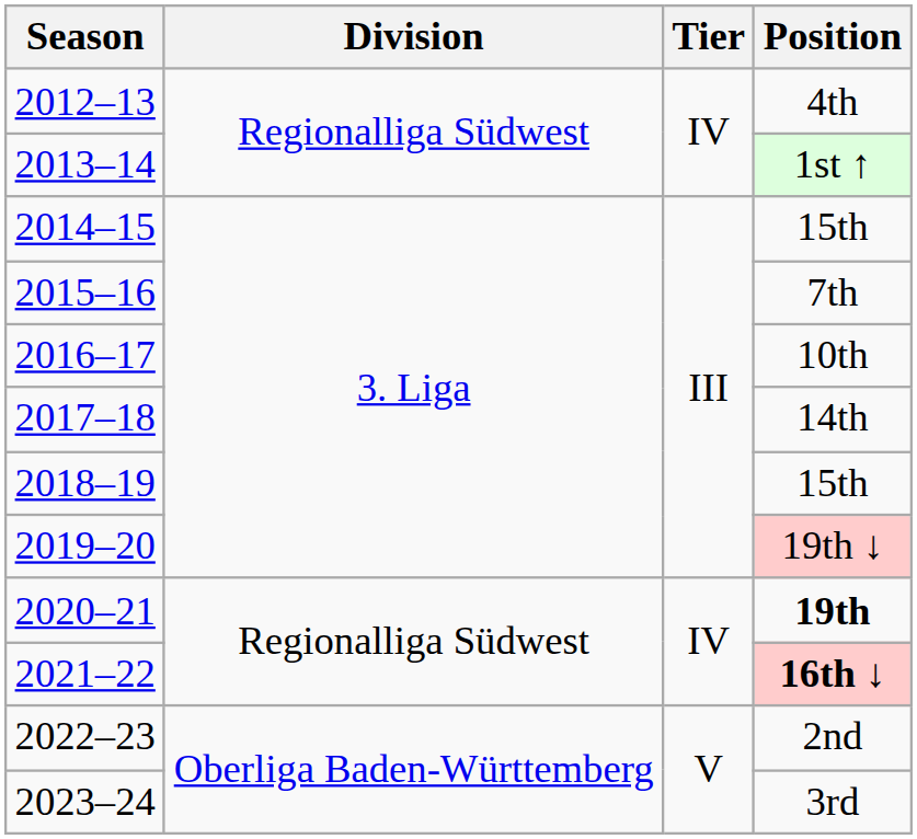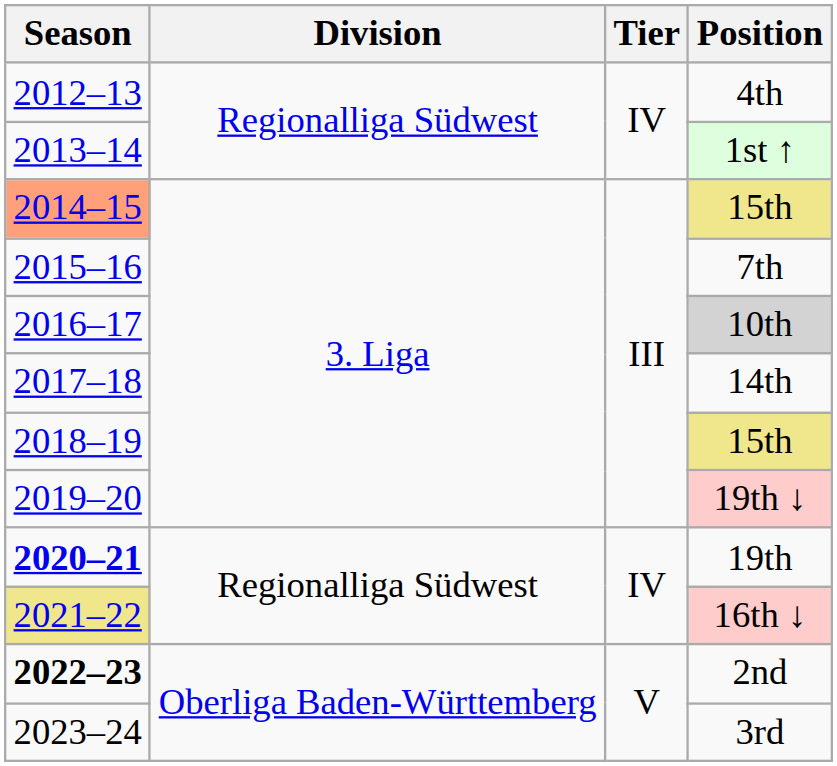 <table class="wikitable" style="text-align: center;">
 <tr>
 <th>Season</th>
 <th>Division</th>
 <th>Tier</th>
 <th>Position</th>
 </tr>
 <tr>
 <td><a href='#'>2012–13</a></td>
 <td rowspan="2"><a href='#'>Regionalliga Südwest</a></td>
 <td rowspan="2">IV</td>
 <td>4th</td>
 </tr>
 <tr>
 <td><a href='#'>2013–14</a></td>
 <td bgcolor="#DDFFDD">1st ↑</td>
 </tr>
 <tr>
-<td><a href='#'>2014–15</a></td>
+<td style="background: lightsalmon;"><a href='#'>2014–15</a></td>
 <td rowspan="6"><a href='#'>3. Liga</a></td>
 <td rowspan="6">III</td>
-<td>15th</td>
+<td style="background: khaki;">15th</td>
 </tr>
 <tr>
 <td><a href='#'>2015–16</a></td>
 <td>7th</td>
 </tr>
 <tr>
 <td><a href='#'>2016–17</a></td>
-<td>10th</td>
+<td style="background: lightgrey;">10th</td>
 </tr>
 <tr>
 <td><a href='#'>2017–18</a></td>
 <td>14th</td>
 </tr>
 <tr>
 <td><a href='#'>2018–19</a></td>
-<td>15th</td>
+<td style="background: khaki;">15th</td>
 </tr>
 <tr>
 <td><a href='#'>2019–20</a></td>
 <td bgcolor=ffcccc>19th ↓</td>
 </tr>
 <tr>
-<td><a href='#'>2020–21</a></td>
+<td><strong><a href='#'>2020–21</a></strong></td>
 <td rowspan=2>Regionalliga Südwest</td>
 <td rowspan=2>IV</td>
-<td><strong>19th</strong></td>
+<td>19th</td>
 </tr>
 <tr>
-<td><a href='#'>2021–22</a></td>
-<td bgcolor=ffcccc><strong>16th ↓</strong></td>
+<td style="background: khaki;"><a href='#'>2021–22</a></td>
+<td bgcolor=ffcccc>16th ↓</td>
 </tr>
 <tr>
-<td>2022–23</td>
+<td><strong>2022–23</strong></td>
 <td rowspan="2"><a href='#'>Oberliga Baden-Württemberg</a></td>
 <td rowspan="2">V</td>
 <td>2nd</td>
 </tr>
 <tr>
 <td>2023–24</td>
 <td>3rd</td>
 </tr>
 </table>
